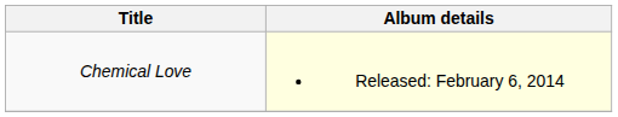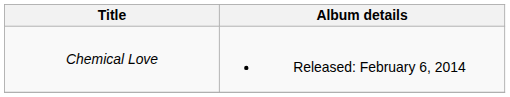 <table class="wikitable plainrowheaders" style="text-align:center;">
 <tr>
 <th rowspan="1" style="width:15em;">Title</th>
 <th rowspan="1" style="width:20em;">Album details</th>
 </tr>
 <tr>
 <td><em>Chemical Love</em></td>
-<td style="background: lightyellow;"><br><ul><li>Released: February 6, 2014</li></ul></td>
+<td><br><ul><li>Released: February 6, 2014</li></ul></td>
 </tr>
 <tr>
 </tr>
 </table>
